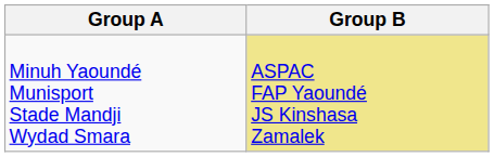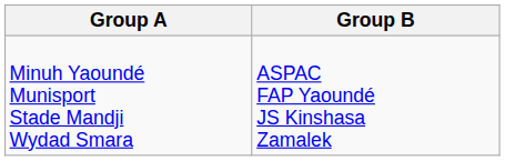 <table class="wikitable">
 <tr>
 <th width=195px>Group A</th>
 <th width=195px>Group B</th>
 </tr>
 <tr>
 <td valign=top><br> <a href='#'>Minuh Yaoundé</a><br>  <a href='#'>Munisport</a><br>  <a href='#'>Stade Mandji</a><br>  <a href='#'>Wydad Smara</a></td>
-<td valign=top style="background: khaki;"><br> <a href='#'>ASPAC</a><br>  <a href='#'>FAP Yaoundé</a><br>  <a href='#'>JS Kinshasa</a><br>  <a href='#'>Zamalek</a></td>
+<td valign=top><br> <a href='#'>ASPAC</a><br>  <a href='#'>FAP Yaoundé</a><br>  <a href='#'>JS Kinshasa</a><br>  <a href='#'>Zamalek</a></td>
 </tr>
 </table>
